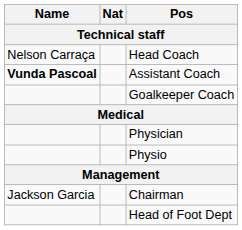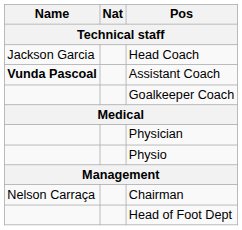 <table class="wikitable ve-ce-branchNode ve-ce-tableNode">
 <tr>
 <th>Name</th>
 <th>Nat</th>
 <th>Pos</th>
 </tr>
 <tr>
 <th colspan="4">Technical staff</th>
 </tr>
 <tr>
-<td>Nelson Carraça</td>
+<td>Jackson Garcia</td>
 <td></td>
 <td>Head Coach</td>
 </tr>
 <tr>
 <td><strong>Vunda Pascoal</strong></td>
 <td></td>
 <td>Assistant Coach</td>
 </tr>
 <tr>
 <td></td>
 <td></td>
 <td>Goalkeeper Coach</td>
 </tr>
 <tr>
 <th colspan="4">Medical</th>
 </tr>
 <tr>
 <td></td>
 <td></td>
 <td>Physician</td>
 </tr>
 <tr>
 <td></td>
 <td></td>
 <td>Physio</td>
 </tr>
 <tr>
 <th colspan="4">Management</th>
 </tr>
 <tr>
-<td>Jackson Garcia</td>
+<td>Nelson Carraça</td>
 <td></td>
 <td>Chairman</td>
 </tr>
 <tr>
 <td></td>
 <td></td>
 <td>Head of Foot Dept</td>
 </tr>
 </table>
